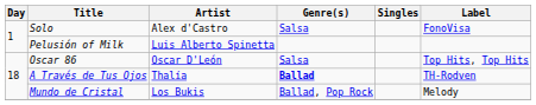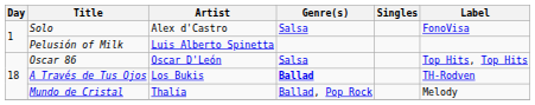 <table class="wikitable sortable" style="text-align: left;">
 <tr>
 <th>Day</th>
 <th>Title</th>
 <th>Artist</th>
 <th>Genre(s)</th>
 <th>Singles</th>
 <th>Label</th>
 </tr>
 <tr>
 <td rowspan="2">1</td>
 <td><em>Solo</em></td>
 <td>Alex d'Castro</td>
 <td><a href='#'>Salsa</a></td>
 <td></td>
 <td><a href='#'>FonoVisa</a></td>
 </tr>
 <tr>
 <td><em>Pelusión of Milk</em></td>
 <td><a href='#'>Luis Alberto Spinetta</a></td>
 <td></td>
 <td></td>
 <td></td>
 </tr>
 <tr>
 <td rowspan="3">18</td>
 <td><em>Oscar 86</em></td>
 <td><a href='#'>Oscar D'León</a></td>
 <td><a href='#'>Salsa</a></td>
 <td></td>
 <td><a href='#'>Top Hits</a>, <a href='#'>Top Hits</a></td>
 </tr>
 <tr>
 <td><em><a href='#'>A Través de Tus Ojos</a></em></td>
-<td><a href='#'>Thalía</a></td>
+<td><a href='#'>Los Bukis</a></td>
 <td><strong><a href='#'>Ballad</a></strong></td>
 <td></td>
 <td><a href='#'>TH-Rodven</a></td>
 </tr>
 <tr>
 <td><em><a href='#'>Mundo de Cristal</a></em></td>
-<td><a href='#'>Los Bukis</a></td>
+<td><a href='#'>Thalía</a></td>
 <td><a href='#'>Ballad</a>, <a href='#'>Pop Rock</a></td>
 <td></td>
 <td>Melody</td>
 </tr>
 <tr>
 </tr>
 </table>
